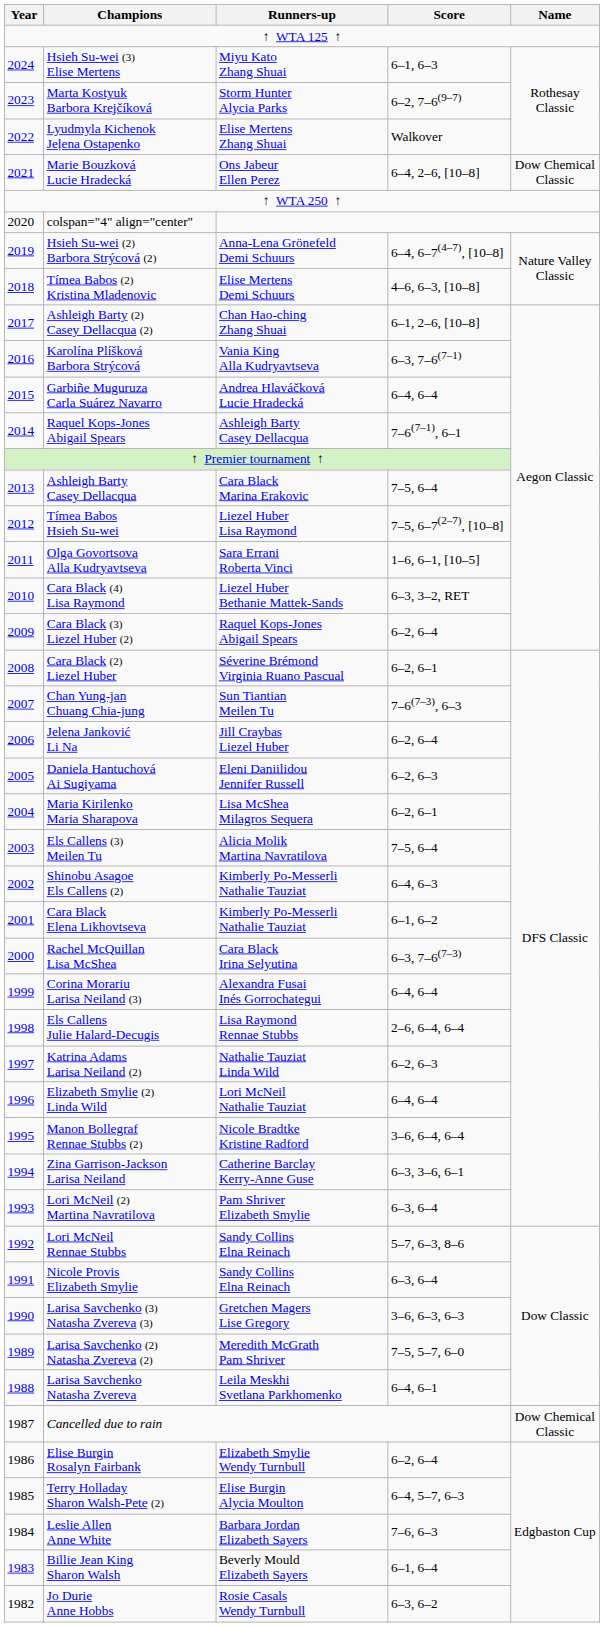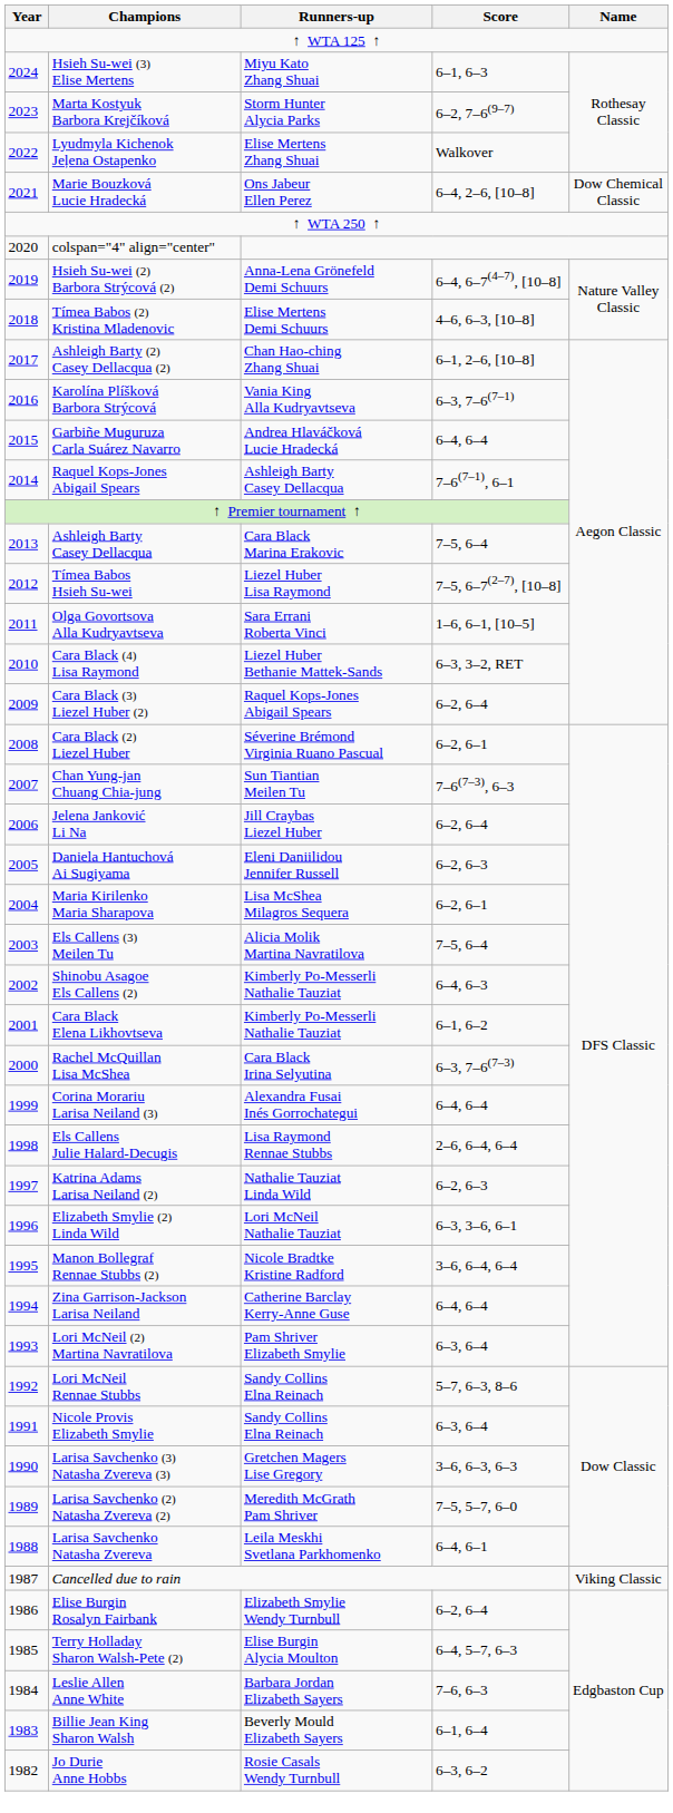 <table class="wikitable">
 <tr>
 <th style="width:40px">Year</th>
 <th style="width:200px">Champions</th>
 <th style="width:200px">Runners-up</th>
 <th style="width:140px" class="unsortable">Score</th>
 <th style="width:100px">Name</th>
 </tr>
 <tr>
 <td colspan=5 align="center">↑  <a href='#'>WTA 125</a>  ↑</td>
 </tr>
 <tr>
 <td><a href='#'>2024</a></td>
 <td> <a href='#'>Hsieh Su-wei</a> <small>(3)</small> <br>  <a href='#'>Elise Mertens</a></td>
 <td> <a href='#'>Miyu Kato</a> <br>  <a href='#'>Zhang Shuai</a></td>
 <td>6–1, 6–3</td>
 <td align="center" rowspan=3>Rothesay Classic</td>
 </tr>
 <tr>
 <td><a href='#'>2023</a></td>
 <td> <a href='#'>Marta Kostyuk</a> <br>  <a href='#'>Barbora Krejčíková</a></td>
 <td> <a href='#'>Storm Hunter</a> <br>  <a href='#'>Alycia Parks</a></td>
 <td>6–2, 7–6<sup>(9–7)</sup></td>
 </tr>
 <tr>
 <td><a href='#'>2022</a></td>
 <td> <a href='#'>Lyudmyla Kichenok</a> <br>  <a href='#'>Jeļena Ostapenko</a></td>
 <td> <a href='#'>Elise Mertens</a> <br>  <a href='#'>Zhang Shuai</a></td>
 <td>Walkover</td>
 </tr>
 <tr>
 <td><a href='#'>2021</a></td>
 <td> <a href='#'>Marie Bouzková</a> <br>  <a href='#'>Lucie Hradecká</a></td>
 <td> <a href='#'>Ons Jabeur</a> <br>  <a href='#'>Ellen Perez</a></td>
 <td>6–4, 2–6, [10–8]</td>
 <td align="center" rowspan="1">Dow Chemical Classic</td>
 </tr>
 <tr>
 <td colspan=5 align="center">↑  <a href='#'>WTA 250</a>  ↑</td>
 </tr>
 <tr>
 <td>2020</td>
 <td>colspan="4" align="center" </td>
 </tr>
 <tr>
 <td><a href='#'>2019</a></td>
 <td> <a href='#'>Hsieh Su-wei</a> <small>(2)</small> <br> <a href='#'>Barbora Strýcová</a> <small>(2)</small></td>
 <td> <a href='#'>Anna-Lena Grönefeld</a> <br> <a href='#'>Demi Schuurs</a></td>
 <td>6–4, 6–7<sup>(4–7)</sup>, [10–8]</td>
 <td align="center" rowspan="2">Nature Valley Classic</td>
 </tr>
 <tr>
 <td><a href='#'>2018</a></td>
 <td> <a href='#'>Tímea Babos</a> <small>(2)</small> <br> <a href='#'>Kristina Mladenovic</a></td>
 <td> <a href='#'>Elise Mertens</a> <br> <a href='#'>Demi Schuurs</a></td>
 <td>4–6, 6–3, [10–8]</td>
 </tr>
 <tr>
 <td><a href='#'>2017</a></td>
 <td> <a href='#'>Ashleigh Barty</a> <small>(2)</small> <br> <a href='#'>Casey Dellacqua</a> <small>(2)</small></td>
 <td> <a href='#'>Chan Hao-ching</a> <br> <a href='#'>Zhang Shuai</a></td>
 <td>6–1, 2–6, [10–8]</td>
 <td align="center" rowspan="10">Aegon Classic</td>
 </tr>
 <tr>
 <td><a href='#'>2016</a></td>
 <td> <a href='#'>Karolína Plíšková</a> <br> <a href='#'>Barbora Strýcová</a></td>
 <td> <a href='#'>Vania King</a> <br> <a href='#'>Alla Kudryavtseva</a></td>
 <td>6–3, 7–6<sup>(7–1)</sup></td>
 </tr>
 <tr>
 <td><a href='#'>2015</a></td>
 <td> <a href='#'>Garbiñe Muguruza</a> <br> <a href='#'>Carla Suárez Navarro</a></td>
 <td> <a href='#'>Andrea Hlaváčková</a> <br> <a href='#'>Lucie Hradecká</a></td>
 <td>6–4, 6–4</td>
 </tr>
 <tr>
 <td><a href='#'>2014</a></td>
 <td> <a href='#'>Raquel Kops-Jones</a> <br> <a href='#'>Abigail Spears</a></td>
 <td> <a href='#'>Ashleigh Barty</a> <br> <a href='#'>Casey Dellacqua</a></td>
 <td>7–6<sup>(7–1)</sup>, 6–1</td>
 </tr>
 <tr>
 <td colspan=4 align="center" style=background:#D4F1C5>↑  <a href='#'>Premier tournament</a>  ↑</td>
 </tr>
 <tr>
 <td><a href='#'>2013</a></td>
 <td> <a href='#'>Ashleigh Barty</a> <br> <a href='#'>Casey Dellacqua</a></td>
 <td> <a href='#'>Cara Black</a><br> <a href='#'>Marina Erakovic</a></td>
 <td>7–5, 6–4</td>
 </tr>
 <tr>
 <td><a href='#'>2012</a></td>
 <td> <a href='#'>Tímea Babos</a> <br> <a href='#'>Hsieh Su-wei</a></td>
 <td> <a href='#'>Liezel Huber</a><br> <a href='#'>Lisa Raymond</a></td>
 <td>7–5, 6–7<sup>(2–7)</sup>, [10–8]</td>
 </tr>
 <tr>
 <td><a href='#'>2011</a></td>
 <td> <a href='#'>Olga Govortsova</a> <br> <a href='#'>Alla Kudryavtseva</a></td>
 <td> <a href='#'>Sara Errani</a><br> <a href='#'>Roberta Vinci</a></td>
 <td>1–6, 6–1, [10–5]</td>
 </tr>
 <tr>
 <td><a href='#'>2010</a></td>
 <td> <a href='#'>Cara Black</a> <small> (4) </small><br> <a href='#'>Lisa Raymond</a></td>
 <td> <a href='#'>Liezel Huber</a><br> <a href='#'>Bethanie Mattek-Sands</a></td>
 <td>6–3, 3–2, RET</td>
 </tr>
 <tr>
 <td><a href='#'>2009</a></td>
 <td> <a href='#'>Cara Black</a> <small> (3) </small><br> <a href='#'>Liezel Huber</a> <small> (2) </small></td>
 <td> <a href='#'>Raquel Kops-Jones</a> <br> <a href='#'>Abigail Spears</a></td>
 <td>6–2, 6–4</td>
 </tr>
 <tr>
 <td><a href='#'>2008</a></td>
 <td> <a href='#'>Cara Black</a> <small> (2) </small><br> <a href='#'>Liezel Huber</a></td>
 <td> <a href='#'>Séverine Brémond</a> <br> <a href='#'>Virginia Ruano Pascual</a></td>
 <td>6–2, 6–1</td>
 <td align="center" rowspan="16">DFS Classic</td>
 </tr>
 <tr>
 <td><a href='#'>2007</a></td>
 <td> <a href='#'>Chan Yung-jan</a> <br> <a href='#'>Chuang Chia-jung</a></td>
 <td> <a href='#'>Sun Tiantian</a> <br>  <a href='#'>Meilen Tu</a></td>
 <td>7–6<sup>(7–3)</sup>, 6–3</td>
 </tr>
 <tr>
 <td><a href='#'>2006</a></td>
 <td> <a href='#'>Jelena Janković</a> <br> <a href='#'>Li Na</a></td>
 <td> <a href='#'>Jill Craybas</a> <br> <a href='#'>Liezel Huber</a></td>
 <td>6–2, 6–4</td>
 </tr>
 <tr>
 <td><a href='#'>2005</a></td>
 <td> <a href='#'>Daniela Hantuchová</a> <br> <a href='#'>Ai Sugiyama</a></td>
 <td> <a href='#'>Eleni Daniilidou</a> <br> <a href='#'>Jennifer Russell</a></td>
 <td>6–2, 6–3</td>
 </tr>
 <tr>
 <td><a href='#'>2004</a></td>
 <td> <a href='#'>Maria Kirilenko</a> <br> <a href='#'>Maria Sharapova</a></td>
 <td> <a href='#'>Lisa McShea</a> <br> <a href='#'>Milagros Sequera</a></td>
 <td>6–2, 6–1</td>
 </tr>
 <tr>
 <td><a href='#'>2003</a></td>
 <td> <a href='#'>Els Callens</a> <small> (3) </small><br> <a href='#'>Meilen Tu</a></td>
 <td> <a href='#'>Alicia Molik</a> <br> <a href='#'>Martina Navratilova</a></td>
 <td>7–5, 6–4</td>
 </tr>
 <tr>
 <td><a href='#'>2002</a></td>
 <td> <a href='#'>Shinobu Asagoe</a> <br> <a href='#'>Els Callens</a> <small> (2) </small></td>
 <td> <a href='#'>Kimberly Po-Messerli</a> <br> <a href='#'>Nathalie Tauziat</a></td>
 <td>6–4, 6–3</td>
 </tr>
 <tr>
 <td><a href='#'>2001</a></td>
 <td> <a href='#'>Cara Black</a> <br> <a href='#'>Elena Likhovtseva</a></td>
 <td> <a href='#'>Kimberly Po-Messerli</a> <br> <a href='#'>Nathalie Tauziat</a></td>
 <td>6–1, 6–2</td>
 </tr>
 <tr>
 <td><a href='#'>2000</a></td>
 <td> <a href='#'>Rachel McQuillan</a> <br>  <a href='#'>Lisa McShea</a></td>
 <td> <a href='#'>Cara Black</a> <br>  <a href='#'>Irina Selyutina</a></td>
 <td>6–3, 7–6<sup>(7–3)</sup></td>
 </tr>
 <tr>
 <td><a href='#'>1999</a></td>
 <td> <a href='#'>Corina Morariu</a> <br>  <a href='#'>Larisa Neiland</a> <small> (3) </small></td>
 <td> <a href='#'>Alexandra Fusai</a> <br>  <a href='#'>Inés Gorrochategui</a></td>
 <td>6–4, 6–4</td>
 </tr>
 <tr>
 <td><a href='#'>1998</a></td>
 <td> <a href='#'>Els Callens</a> <br>  <a href='#'>Julie Halard-Decugis</a></td>
 <td> <a href='#'>Lisa Raymond</a> <br>  <a href='#'>Rennae Stubbs</a></td>
 <td>2–6, 6–4, 6–4</td>
 </tr>
 <tr>
 <td><a href='#'>1997</a></td>
 <td> <a href='#'>Katrina Adams</a> <br>  <a href='#'>Larisa Neiland</a> <small> (2) </small></td>
 <td> <a href='#'>Nathalie Tauziat</a> <br>  <a href='#'>Linda Wild</a></td>
 <td>6–2, 6–3</td>
 </tr>
 <tr>
 <td><a href='#'>1996</a></td>
 <td> <a href='#'>Elizabeth Smylie</a> <small> (2) </small><br>  <a href='#'>Linda Wild</a></td>
 <td> <a href='#'>Lori McNeil</a> <br>  <a href='#'>Nathalie Tauziat</a></td>
-<td>6–4, 6–4</td>
+<td>6–3, 3–6, 6–1</td>
 </tr>
 <tr>
 <td><a href='#'>1995</a></td>
 <td> <a href='#'>Manon Bollegraf</a> <br>  <a href='#'>Rennae Stubbs</a> <small> (2) </small></td>
 <td> <a href='#'>Nicole Bradtke</a> <br>  <a href='#'>Kristine Radford</a></td>
 <td>3–6, 6–4, 6–4</td>
 </tr>
 <tr>
 <td><a href='#'>1994</a></td>
 <td> <a href='#'>Zina Garrison-Jackson</a> <br>  <a href='#'>Larisa Neiland</a></td>
 <td> <a href='#'>Catherine Barclay</a> <br>  <a href='#'>Kerry-Anne Guse</a></td>
-<td>6–3, 3–6, 6–1</td>
+<td>6–4, 6–4</td>
 </tr>
 <tr>
 <td><a href='#'>1993</a></td>
 <td> <a href='#'>Lori McNeil</a> <small> (2) </small><br>  <a href='#'>Martina Navratilova</a></td>
 <td> <a href='#'>Pam Shriver</a> <br>  <a href='#'>Elizabeth Smylie</a></td>
 <td>6–3, 6–4</td>
 </tr>
 <tr>
 <td><a href='#'>1992</a></td>
 <td> <a href='#'>Lori McNeil</a> <br>  <a href='#'>Rennae Stubbs</a></td>
 <td> <a href='#'>Sandy Collins</a> <br>  <a href='#'>Elna Reinach</a></td>
 <td>5–7, 6–3, 8–6</td>
 <td align="center" rowspan="5">Dow Classic</td>
 </tr>
 <tr>
 <td><a href='#'>1991</a></td>
 <td> <a href='#'>Nicole Provis</a> <br>  <a href='#'>Elizabeth Smylie</a></td>
 <td> <a href='#'>Sandy Collins</a> <br>  <a href='#'>Elna Reinach</a></td>
 <td>6–3, 6–4</td>
 </tr>
 <tr>
 <td><a href='#'>1990</a></td>
 <td> <a href='#'>Larisa Savchenko</a> <small> (3) </small><br>  <a href='#'>Natasha Zvereva</a> <small> (3) </small></td>
 <td> <a href='#'>Gretchen Magers</a> <br>  <a href='#'>Lise Gregory</a></td>
 <td>3–6, 6–3, 6–3</td>
 </tr>
 <tr>
 <td><a href='#'>1989</a></td>
 <td> <a href='#'>Larisa Savchenko</a> <small> (2) </small><br>  <a href='#'>Natasha Zvereva</a> <small> (2) </small></td>
 <td> <a href='#'>Meredith McGrath</a> <br>  <a href='#'>Pam Shriver</a></td>
 <td>7–5, 5–7, 6–0</td>
 </tr>
 <tr>
 <td><a href='#'>1988</a></td>
 <td> <a href='#'>Larisa Savchenko</a> <br>  <a href='#'>Natasha Zvereva</a></td>
 <td> <a href='#'>Leila Meskhi</a> <br>  <a href='#'>Svetlana Parkhomenko</a></td>
 <td>6–4, 6–1</td>
 </tr>
 <tr>
 <td>1987</td>
 <td colspan="3"><em>Cancelled due to rain</em></td>
-<td align="center" rowspan="1">Dow Chemical Classic</td>
+<td align="center">Viking Classic</td>
 </tr>
 <tr>
 <td>1986</td>
 <td> <a href='#'>Elise Burgin</a> <br>  <a href='#'>Rosalyn Fairbank</a></td>
 <td> <a href='#'>Elizabeth Smylie</a><br>  <a href='#'>Wendy Turnbull</a></td>
 <td>6–2, 6–4</td>
 <td align="center" rowspan="5">Edgbaston Cup</td>
 </tr>
 <tr>
 <td>1985</td>
 <td> <a href='#'>Terry Holladay</a> <br>  <a href='#'>Sharon Walsh-Pete</a> <small>(2)</small></td>
 <td> <a href='#'>Elise Burgin</a> <br>  <a href='#'>Alycia Moulton</a></td>
 <td>6–4, 5–7, 6–3</td>
 </tr>
 <tr>
 <td>1984</td>
 <td> <a href='#'>Leslie Allen</a> <br>  <a href='#'>Anne White</a></td>
 <td> <a href='#'>Barbara Jordan</a> <br>  <a href='#'>Elizabeth Sayers</a></td>
 <td>7–6, 6–3</td>
 </tr>
 <tr>
 <td><a href='#'>1983</a></td>
 <td> <a href='#'>Billie Jean King</a> <br>  <a href='#'>Sharon Walsh</a></td>
 <td> Beverly Mould <br>  <a href='#'>Elizabeth Sayers</a></td>
 <td>6–1, 6–4</td>
 </tr>
 <tr>
 <td>1982</td>
 <td> <a href='#'>Jo Durie</a> <br>  <a href='#'>Anne Hobbs</a></td>
 <td> <a href='#'>Rosie Casals</a> <br>  <a href='#'>Wendy Turnbull</a></td>
 <td>6–3, 6–2</td>
 </tr>
 </table>
